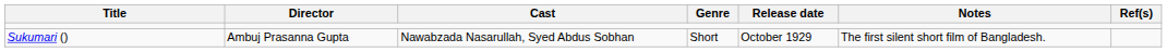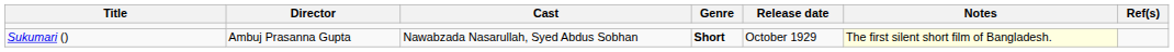 <table class="wikitable" width="100%">
 <tr>
 <th style="width:19%;">Title</th>
 <th style="width:15%;">Director</th>
 <th style="width:25%;">Cast</th>
 <th>Genre</th>
 <th>Release date</th>
 <th>Notes</th>
 <th>Ref(s)</th>
 </tr>
 <tr>
 <td></td>
 </tr>
 <tr>
 <td><em><a href='#'>Sukumari</a></em> ()</td>
 <td>Ambuj Prasanna Gupta</td>
 <td>Nawabzada Nasarullah, Syed Abdus Sobhan</td>
-<td>Short</td>
+<td><strong>Short</strong></td>
 <td>October 1929</td>
-<td>The first silent short film of Bangladesh.</td>
+<td style="background: lightyellow;">The first silent short film of Bangladesh.</td>
 <td></td>
 </tr>
 </table>
